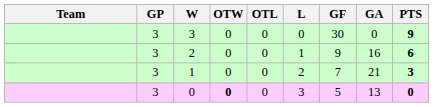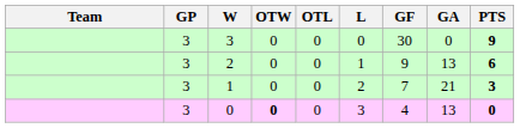 <table class="wikitable" style="text-align:center;">
 <tr>
 <th width=165>Team</th>
 <th width=40>GP</th>
 <th width=40>W</th>
 <th width=40>OTW</th>
 <th width=40>OTL</th>
 <th width=40>L</th>
 <th width=40>GF</th>
 <th width=40>GA</th>
 <th width=40>PTS</th>
 </tr>
 <tr style="background:#cfc;">
 <td style="text-align:left;"></td>
 <td>3</td>
 <td>3</td>
 <td>0</td>
 <td>0</td>
 <td>0</td>
 <td>30</td>
 <td>0</td>
 <td><strong>9</strong></td>
 </tr>
 <tr style="background:#cfc;">
 <td style="text-align:left;"></td>
 <td>3</td>
 <td>2</td>
 <td>0</td>
 <td>0</td>
 <td>1</td>
 <td>9</td>
-<td>16</td>
+<td>13</td>
 <td><strong>6</strong></td>
 </tr>
 <tr style="background:#cfc;">
 <td style="text-align:left;"></td>
 <td>3</td>
 <td>1</td>
 <td>0</td>
 <td>0</td>
 <td>2</td>
 <td>7</td>
 <td>21</td>
 <td><strong>3</strong></td>
 </tr>
 <tr style="background:#fcf;">
 <td style="text-align:left;"></td>
 <td>3</td>
 <td>0</td>
 <td><strong>0</strong></td>
 <td>0</td>
 <td>3</td>
-<td>5</td>
+<td>4</td>
 <td>13</td>
 <td><strong>0</strong></td>
 </tr>
 </table>
